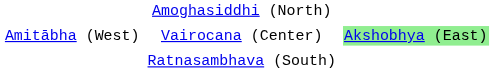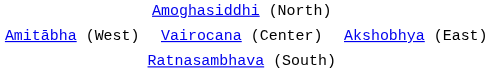 <table border="0" cellspacing="5">
 <tr>
 <td></td>
 <td style="text-align:center;"><a href='#'>Amoghasiddhi</a> (North)</td>
 <td></td>
 </tr>
 <tr>
 <td style="text-align:center;"><a href='#'>Amitābha</a> (West)</td>
 <td style="text-align:center;"><a href='#'>Vairocana</a> (Center)</td>
-<td style="background: lightgreen; text-align:center;"><a href='#'>Akshobhya</a> (East)</td>
+<td style="text-align:center;"><a href='#'>Akshobhya</a> (East)</td>
 </tr>
 <tr>
 <td></td>
 <td style="text-align:center;"><a href='#'>Ratnasambhava</a> (South)</td>
 <td></td>
 </tr>
 </table>
